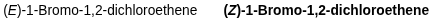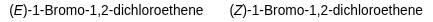 <table style="margin: 1em auto 1em auto" class="skin-invert-image">
 <tr>
 <td align=center></td>
 <td>     </td>
 <td align=center></td>
 </tr>
 <tr>
 <td align=center>(<em>E</em>)-1-Bromo-1,2-dichloroethene</td>
 <td>     </td>
-<td align=center><strong>(<em>Z</em>)-1-Bromo-1,2-dichloroethene</strong></td>
+<td align=center>(<em>Z</em>)-1-Bromo-1,2-dichloroethene</td>
 </tr>
 </table>
